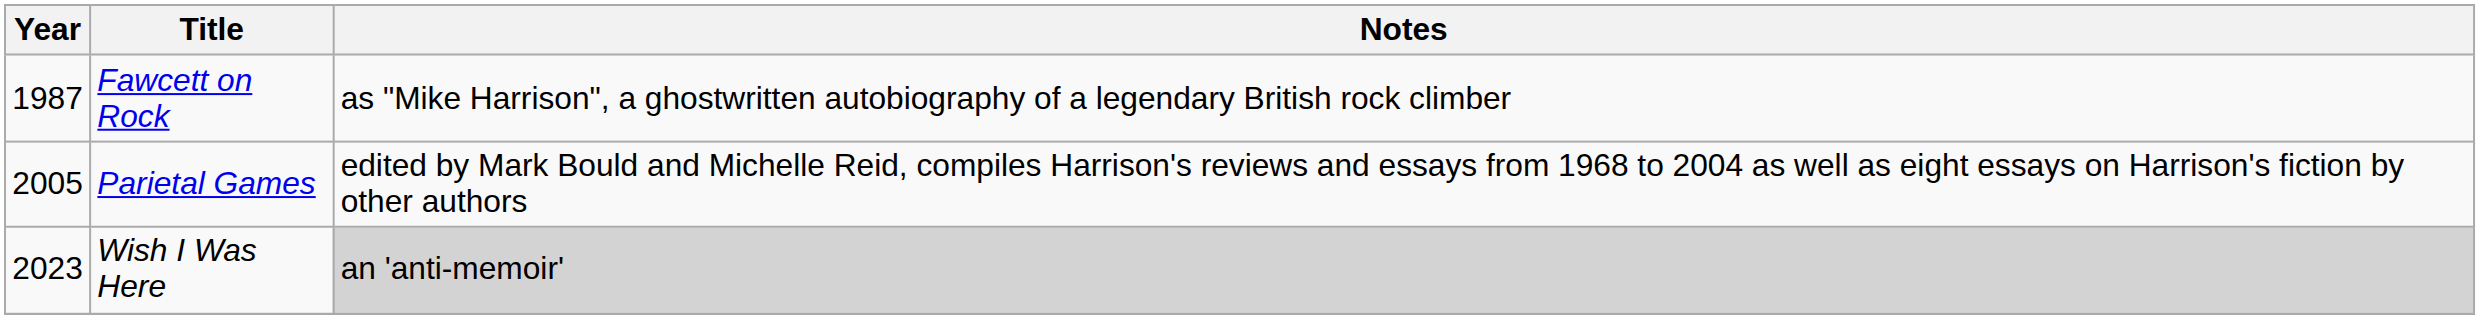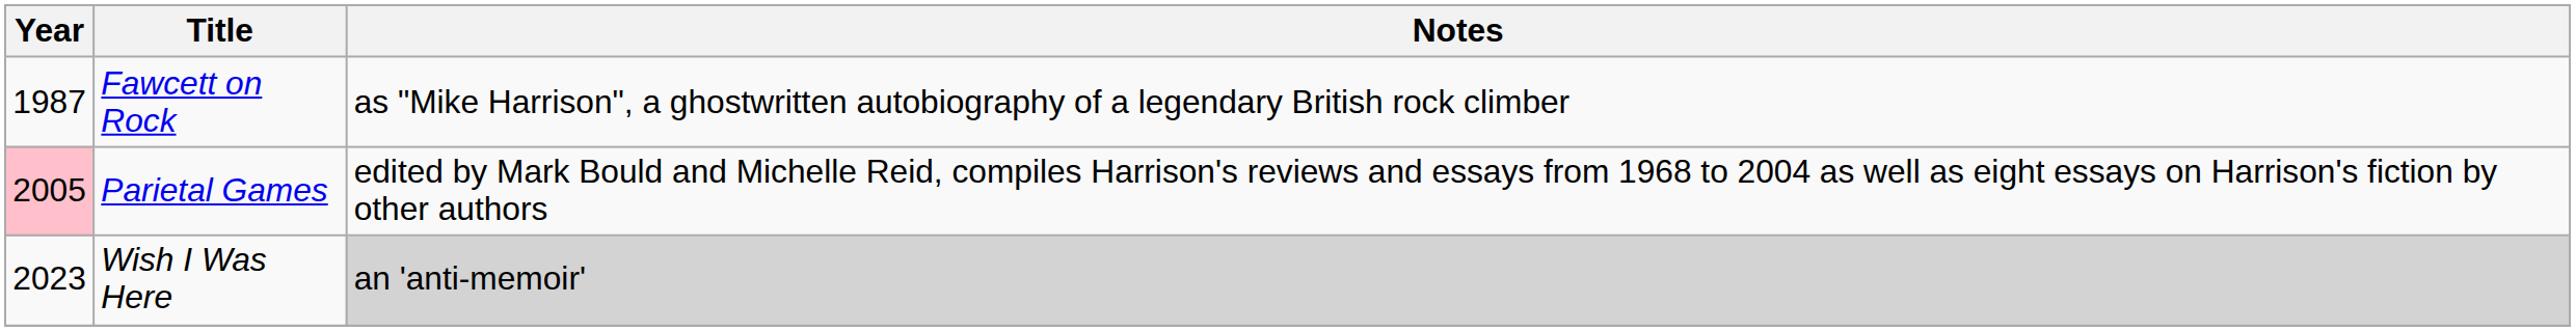 <table class="wikitable">
 <tr>
 <th>Year</th>
 <th>Title</th>
 <th>Notes</th>
 </tr>
 <tr>
 <td>1987</td>
 <td><em><a href='#'>Fawcett on Rock</a></em></td>
 <td>as "Mike Harrison", a ghostwritten autobiography of a legendary British rock climber</td>
 </tr>
 <tr>
-<td>2005</td>
+<td style="background: pink;">2005</td>
 <td><em><a href='#'>Parietal Games</a></em></td>
 <td>edited by Mark Bould and Michelle Reid, compiles Harrison's reviews and essays from 1968 to 2004 as well as eight essays on Harrison's fiction by other authors</td>
 </tr>
 <tr>
 <td>2023</td>
 <td><em>Wish I Was Here</em></td>
 <td style="background: lightgrey;">an 'anti-memoir'</td>
 </tr>
 <tr>
 </tr>
 </table>
